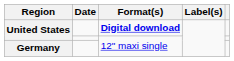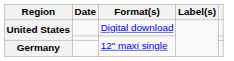 <table class="wikitable plainrowheaders">
 <tr>
 <th scope="col">Region</th>
 <th scope="col">Date</th>
 <th scope="col">Format(s)</th>
 <th scope="col">Label(s)</th>
 <th scope="col"></th>
 </tr>
 <tr>
 <th scope="row" rowspan="2">United States</th>
 <td></td>
-<td><strong><a href='#'>Digital download</a></strong></td>
+<td><a href='#'>Digital download</a></td>
 <td rowspan="3"></td>
 <td align="center"></td>
 </tr>
 <tr>
 <td></td>
 <td rowspan="2"><a href='#'>12" maxi single</a></td>
 <td align="center"></td>
 </tr>
 <tr>
 <th scope="row">Germany</th>
 <td></td>
 <td align="center"></td>
 </tr>
 </table>
